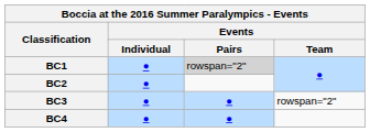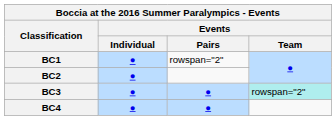 <table class="wikitable" style="width:70%; font-size:80%;" align="center">
 <tr>
 <th colspan="4">Boccia at the 2016 Summer Paralympics - Events</th>
 </tr>
 <tr>
 <th rowspan="2">Classification</th>
 <th colspan="3">Events</th>
 </tr>
 <tr>
 <th>Individual</th>
 <th>Pairs</th>
 <th>Team</th>
 </tr>
 <tr>
 <th>BC1</th>
 <td align="center" bgcolor=#bbddff><a href='#'>●</a></td>
-<td style="background: lightgrey;">rowspan="2" </td>
+<td>rowspan="2" </td>
 <td align="center" rowspan="2" bgcolor=#bbddff><a href='#'>●</a></td>
 </tr>
 <tr>
 <th>BC2</th>
 <td align="center" bgcolor=#bbddff><a href='#'>●</a></td>
 </tr>
 <tr>
 <th>BC3</th>
 <td align="center" bgcolor=#bbddff><a href='#'>●</a></td>
 <td align="center" bgcolor=#bbddff><a href='#'>●</a></td>
-<td>rowspan="2" </td>
+<td style="background: paleturquoise;">rowspan="2" </td>
 </tr>
 <tr>
 <th>BC4</th>
 <td align="center" bgcolor=#bbddff><a href='#'>●</a></td>
 <td align="center" bgcolor=#bbddff><a href='#'>●</a></td>
 </tr>
 </table>
